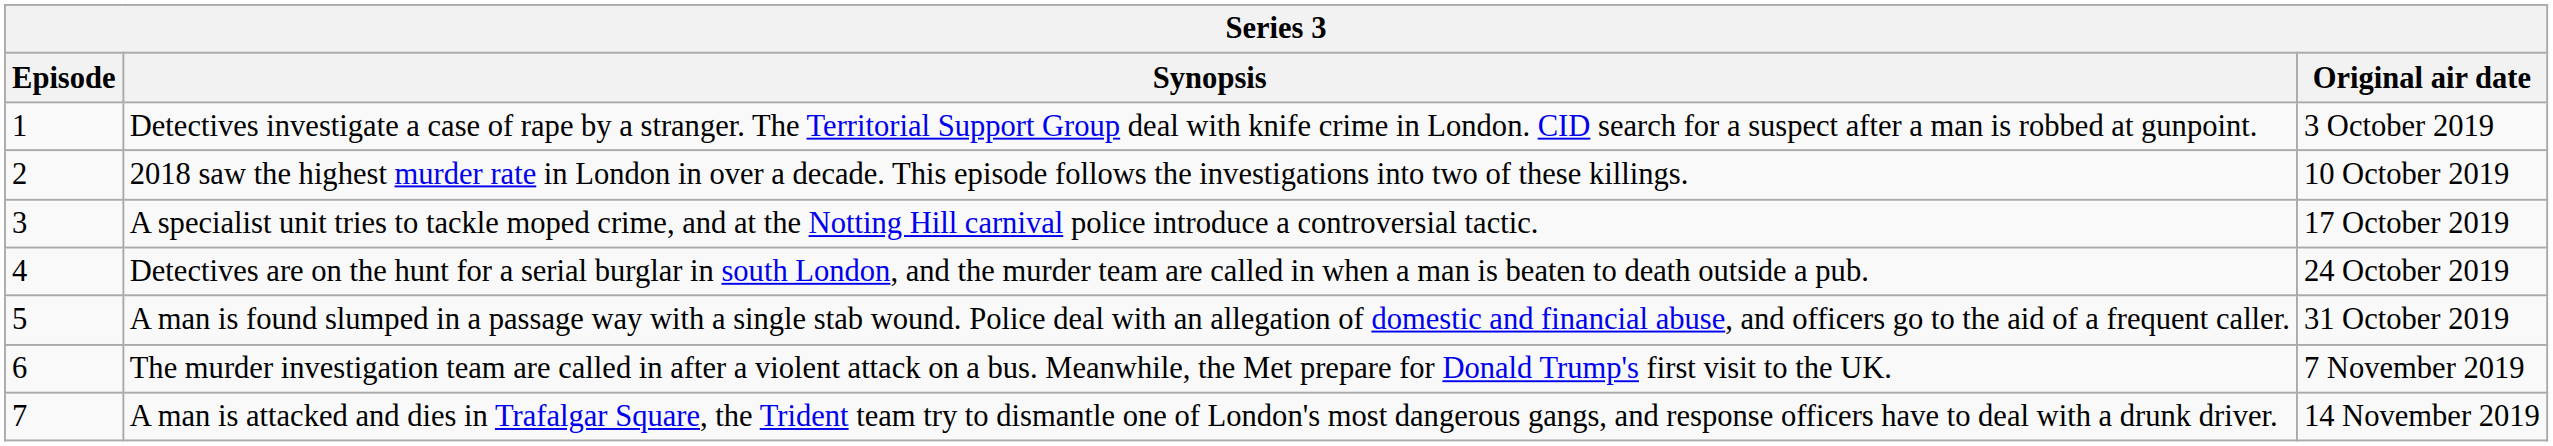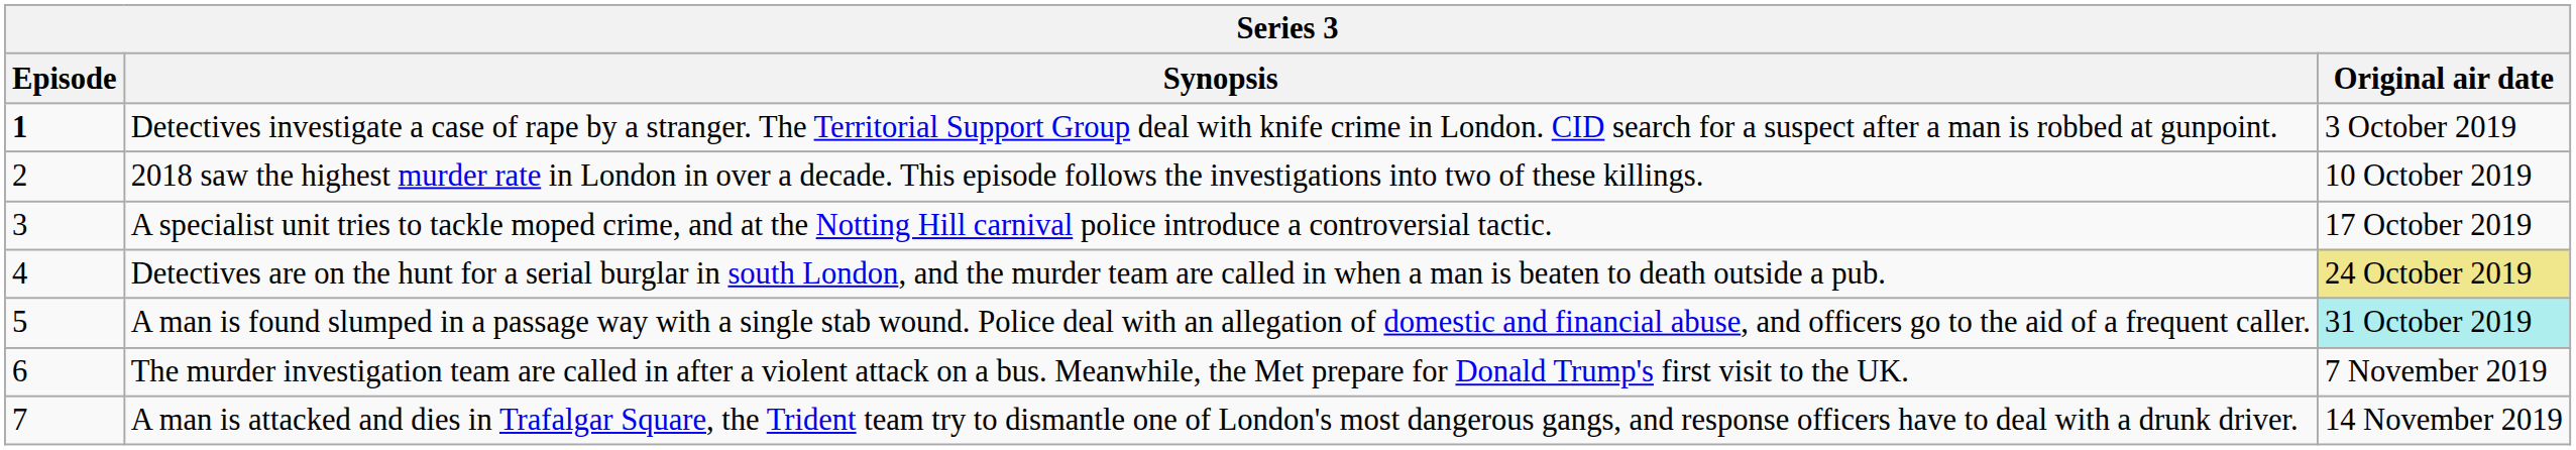 <table class="wikitable">
 <tr>
 <th colspan="3">Series 3</th>
 </tr>
 <tr>
 <th><strong>Episode</strong></th>
 <th>Synopsis</th>
 <th>Original air date</th>
 </tr>
 <tr>
-<td>1</td>
+<td><strong>1</strong></td>
 <td>Detectives investigate a case of rape by a stranger. The <a href='#'>Territorial Support Group</a> deal with knife crime in London. <a href='#'>CID</a> search for a suspect after a man is robbed at gunpoint.</td>
 <td>3 October 2019</td>
 </tr>
 <tr>
 <td>2</td>
 <td>2018 saw the highest <a href='#'>murder rate</a> in London in over a decade. This episode follows the investigations into two of these killings.</td>
 <td>10 October 2019</td>
 </tr>
 <tr>
 <td>3</td>
 <td>A specialist unit tries to tackle moped crime, and at the <a href='#'>Notting Hill carnival</a> police introduce a controversial tactic.</td>
 <td>17 October 2019</td>
 </tr>
 <tr>
 <td>4</td>
 <td>Detectives are on the hunt for a serial burglar in <a href='#'>south London</a>, and the murder team are called in when a man is beaten to death outside a pub.</td>
-<td>24 October 2019</td>
+<td style="background: khaki;">24 October 2019</td>
 </tr>
 <tr>
 <td>5</td>
 <td>A man is found slumped in a passage way with a single stab wound. Police deal with an allegation of <a href='#'>domestic and financial abuse</a>, and officers go to the aid of a frequent caller.</td>
-<td>31 October 2019</td>
+<td style="background: paleturquoise;">31 October 2019</td>
 </tr>
 <tr>
 <td>6</td>
 <td>The murder investigation team are called in after a violent attack on a bus. Meanwhile, the Met prepare for <a href='#'>Donald Trump's</a> first visit to the UK.</td>
 <td>7 November 2019</td>
 </tr>
 <tr>
 <td>7</td>
 <td>A man is attacked and dies in <a href='#'>Trafalgar Square</a>, the <a href='#'>Trident</a> team try to dismantle one of London's most dangerous gangs, and response officers have to deal with a drunk driver.</td>
 <td>14 November 2019</td>
 </tr>
 </table>
